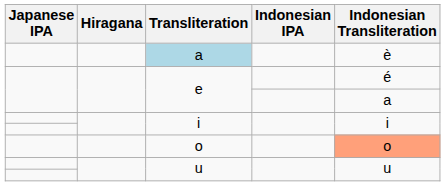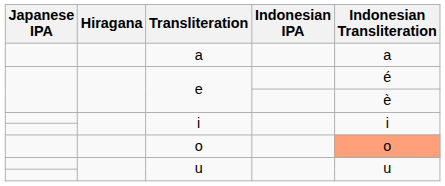 <table class="wikitable" style="margin: 1em 2em; text-align: center;">
 <tr>
 <th>Japanese<br>IPA</th>
 <th>Hiragana</th>
 <th>Transliteration</th>
 <th>Indonesian<br>IPA</th>
 <th>Indonesian<br>Transliteration</th>
 </tr>
 <tr>
 <td><big></big></td>
 <td></td>
-<td style="background: lightblue;">a</td>
+<td>a</td>
 <td><big></big></td>
-<td>è</td>
+<td>a</td>
 </tr>
 <tr>
 <td rowspan=2><big></big></td>
 <td rowspan=2></td>
 <td rowspan=2>e</td>
 <td><big></big></td>
 <td>é</td>
 </tr>
 <tr>
 <td><big></big></td>
-<td>a</td>
+<td>è</td>
 </tr>
 <tr>
 <td><big></big></td>
 <td rowspan=2></td>
 <td rowspan=2>i</td>
 <td rowspan=2><big></big></td>
 <td rowspan=2>i</td>
 </tr>
 <tr>
 <td><big></big></td>
 </tr>
 <tr>
 <td><big></big></td>
 <td></td>
 <td>o</td>
 <td><big></big></td>
 <td style="background: lightsalmon;">o</td>
 </tr>
 <tr>
 <td><big></big></td>
 <td rowspan=2></td>
 <td rowspan=2>u</td>
 <td rowspan=2><big></big></td>
 <td rowspan=2>u</td>
 </tr>
 <tr>
 <td><big></big></td>
 </tr>
 </table>
